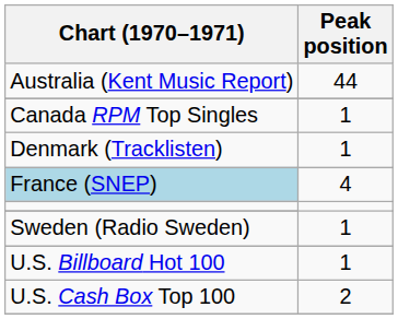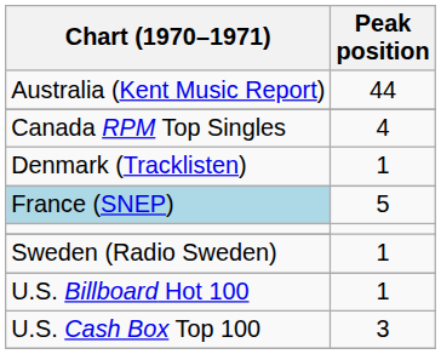 <table class="wikitable sortable">
 <tr>
 <th>Chart (1970–1971)</th>
 <th>Peak<br>position</th>
 </tr>
 <tr>
 <td>Australia (<a href='#'>Kent Music Report</a>)</td>
 <td style="text-align:center;">44</td>
 </tr>
 <tr>
 </tr>
 <tr>
 </tr>
 <tr>
 <td>Canada <em><a href='#'>RPM</a></em> Top Singles</td>
-<td style="text-align:center;">1</td>
+<td style="text-align:center;">4</td>
 </tr>
 <tr>
 <td>Denmark (<a href='#'>Tracklisten</a>)</td>
 <td align=center>1</td>
 </tr>
 <tr>
 </tr>
 <tr>
 <td style="background: lightblue;">France (<a href='#'>SNEP</a>)</td>
-<td align=center>4</td>
+<td align=center>5</td>
 </tr>
 <tr>
 </tr>
 <tr>
 <td></td>
 </tr>
 <tr>
 </tr>
 <tr>
 </tr>
 <tr>
 </tr>
 <tr>
 <td>Sweden (Radio Sweden)</td>
 <td align=center>1</td>
 </tr>
 <tr>
 </tr>
 <tr>
 </tr>
 <tr>
 <td>U.S. <a href='#'><em>Billboard</em> Hot 100</a></td>
 <td align=center>1</td>
 </tr>
 <tr>
 <td>U.S. <a href='#'><em>Cash Box</em></a> Top 100</td>
-<td align="center">2</td>
+<td align="center">3</td>
 </tr>
 <tr>
 </tr>
 </table>
